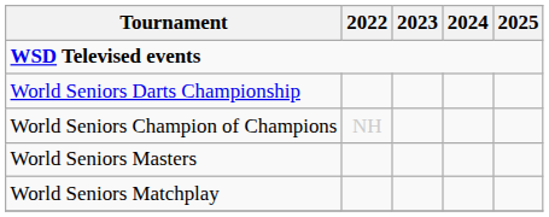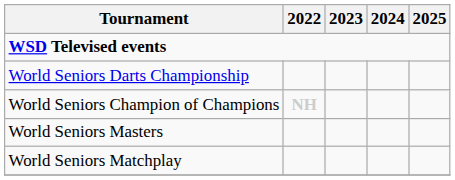 <table class=wikitable style=text-align:center;font-size:88%>
 <tr>
 <th>Tournament</th>
 <th>2022</th>
 <th>2023</th>
 <th>2024</th>
 <th>2025</th>
 </tr>
 <tr>
 <td colspan="20" align="left"><strong><a href='#'>WSD</a> Televised events</strong></td>
 </tr>
 <tr>
 <td align=left><a href='#'>World Seniors Darts Championship</a></td>
 <td></td>
 <td></td>
 <td></td>
 <td></td>
 </tr>
 <tr>
 <td align=left>World Seniors Champion of Champions</td>
-<td style="text-align:center; color:#ccc;">NH</td>
+<td style="text-align:center; color:#ccc;"><strong>NH</strong></td>
 <td></td>
 <td></td>
 <td></td>
 </tr>
 <tr>
 <td align=left>World Seniors Masters</td>
 <td></td>
 <td></td>
 <td></td>
 <td></td>
 </tr>
 <tr>
 <td align=left>World Seniors Matchplay</td>
 <td></td>
 <td></td>
 <td></td>
 <td></td>
 </tr>
 <tr>
 </tr>
 </table>
